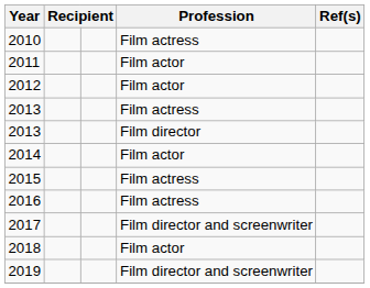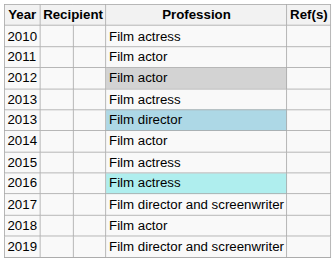 <table class="wikitable sortable">
 <tr>
 <th scope="col">Year</th>
 <th colspan="2">Recipient</th>
 <th scope="col">Profession</th>
 <th scope="col" class="unsortable">Ref(s)</th>
 </tr>
 <tr>
 <td>2010</td>
 <td data-sort-value="Gurchenko"></td>
 <td></td>
 <td>Film actress</td>
 <td></td>
 </tr>
 <tr>
 <td>2011</td>
 <td data-sort-value="Yursky"></td>
 <td></td>
 <td>Film actor</td>
 <td></td>
 </tr>
 <tr>
 <td>2012</td>
 <td data-sort-value="Basilashvili"></td>
 <td></td>
-<td>Film actor</td>
+<td style="background: lightgrey;">Film actor</td>
 <td></td>
 </tr>
 <tr>
 <td>2013</td>
 <td></td>
 <td></td>
 <td>Film actress</td>
 <td></td>
 </tr>
 <tr>
 <td>2013</td>
 <td data-sort-value="Panfilov"></td>
 <td></td>
-<td>Film director</td>
+<td style="background: lightblue;">Film director</td>
 <td></td>
 </tr>
 <tr>
 <td>2014</td>
 <td data-sort-value="Zeldin"></td>
 <td></td>
 <td>Film actor</td>
 <td></td>
 </tr>
 <tr>
 <td>2015</td>
 <td data-sort-value="Akhedzhakova"></td>
 <td></td>
 <td>Film actress</td>
 <td></td>
 </tr>
 <tr>
 <td>2016</td>
 <td></td>
 <td></td>
-<td>Film actress</td>
+<td style="background: paleturquoise;">Film actress</td>
 <td></td>
 </tr>
 <tr>
 <td>2017</td>
 <td></td>
 <td></td>
 <td>Film director and screenwriter</td>
 <td></td>
 </tr>
 <tr>
 <td>2018</td>
 <td></td>
 <td></td>
 <td>Film actor</td>
 <td></td>
 </tr>
 <tr>
 <td>2019</td>
 <td></td>
 <td></td>
 <td>Film director and screenwriter</td>
 <td></td>
 </tr>
 <tr>
 </tr>
 </table>
